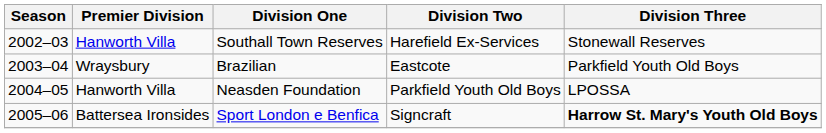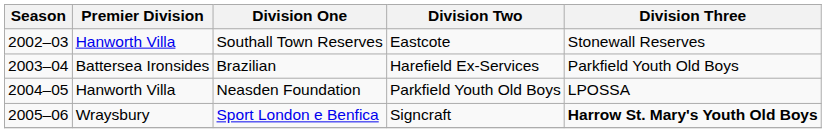 <table class="wikitable">
 <tr>
 <th><strong>Season</strong></th>
 <th><strong>Premier Division</strong></th>
 <th><strong>Division One</strong></th>
 <th><strong>Division Two</strong></th>
 <th><strong>Division Three</strong></th>
 </tr>
 <tr>
 <td>2002–03</td>
 <td><a href='#'>Hanworth Villa</a></td>
 <td>Southall Town Reserves</td>
-<td>Harefield Ex-Services</td>
+<td>Eastcote</td>
 <td>Stonewall Reserves</td>
 </tr>
 <tr>
 <td>2003–04</td>
-<td>Wraysbury</td>
+<td>Battersea Ironsides</td>
 <td>Brazilian</td>
-<td>Eastcote</td>
+<td>Harefield Ex-Services</td>
 <td>Parkfield Youth Old Boys</td>
 </tr>
 <tr>
 <td>2004–05</td>
 <td>Hanworth Villa</td>
 <td>Neasden Foundation</td>
 <td>Parkfield Youth Old Boys</td>
 <td>LPOSSA</td>
 </tr>
 <tr>
 <td>2005–06</td>
-<td>Battersea Ironsides</td>
+<td>Wraysbury</td>
 <td><a href='#'>Sport London e Benfica</a></td>
 <td>Signcraft</td>
 <td><strong>Harrow St. Mary's Youth Old Boys</strong></td>
 </tr>
 <tr>
 </tr>
 </table>
